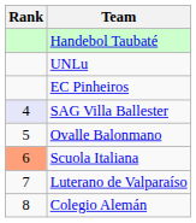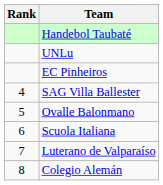 <table class="wikitable">
 <tr>
 <th>Rank</th>
 <th>Team</th>
 </tr>
 <tr bgcolor=ccffcc>
 <td align=center></td>
 <td> <a href='#'>Handebol Taubaté</a></td>
 </tr>
 <tr>
 <td align=center></td>
 <td> <a href='#'>UNLu</a></td>
 </tr>
 <tr>
 <td align=center></td>
 <td> <a href='#'>EC Pinheiros</a></td>
 </tr>
 <tr>
-<td align=center style="background: lavender;">4</td>
+<td align=center>4</td>
 <td> <a href='#'>SAG Villa Ballester</a></td>
 </tr>
 <tr>
 <td align=center>5</td>
 <td> <a href='#'>Ovalle Balonmano</a></td>
 </tr>
 <tr>
-<td align=center style="background: lightsalmon;">6</td>
+<td align=center>6</td>
 <td> <a href='#'>Scuola Italiana</a></td>
 </tr>
 <tr>
 <td align=center>7</td>
 <td> <a href='#'>Luterano de Valparaíso</a></td>
 </tr>
 <tr>
 <td align=center>8</td>
 <td> <a href='#'>Colegio Alemán</a></td>
 </tr>
 </table>
